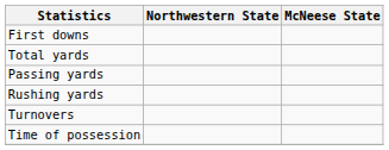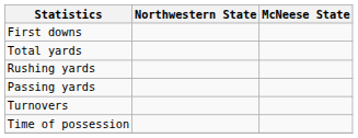 <table class="wikitable">
 <tr>
 <th>Statistics</th>
 <th>Northwestern State</th>
 <th>McNeese State</th>
 </tr>
 <tr>
 <td>First downs</td>
 <td> </td>
 <td> </td>
 </tr>
 <tr>
 <td>Total yards</td>
 <td> </td>
 <td> </td>
 </tr>
 <tr>
-<td>Passing yards</td>
+<td>Rushing yards</td>
 <td> </td>
 <td> </td>
 </tr>
 <tr>
-<td>Rushing yards</td>
+<td>Passing yards</td>
 <td> </td>
 <td> </td>
 </tr>
 <tr>
 <td>Turnovers</td>
 <td> </td>
 <td> </td>
 </tr>
 <tr>
 <td>Time of possession</td>
 <td> </td>
 <td> </td>
 </tr>
 <tr>
 </tr>
 </table>
